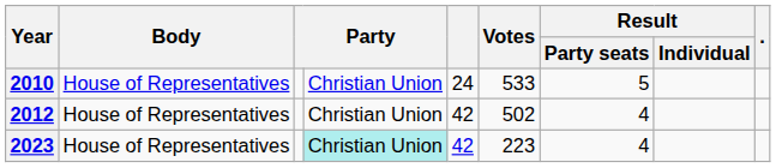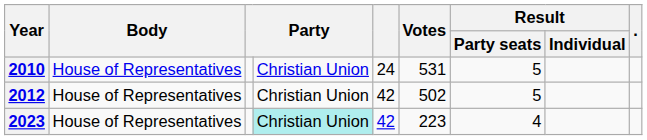 <table class="wikitable plainrowheaders sortable" border=2 cellpadding=4 cellspacing=0 style="border: 1px #aaa solid; font-size: 90%; text-align:center;">
 <tr>
 <th scope="col" rowspan=2>Year</th>
 <th scope="col" rowspan=2>Body</th>
 <th scope="col" colspan=2 rowspan=2>Party</th>
 <th scope="col" rowspan=2></th>
 <th scope="col" rowspan=2>Votes</th>
 <th scope="colgroup" colspan=2>Result</th>
 <th scope="col" rowspan=2 class="unsortable">.</th>
 </tr>
 <tr>
 <th scope="col">Party seats</th>
 <th scope="col">Individual</th>
 </tr>
 <tr>
 <th scope="row"><a href='#'>2010</a></th>
 <td><a href='#'>House of Representatives</a></td>
 <td style="background-color:"></td>
 <td><a href='#'>Christian Union</a></td>
 <td style=text-align:right>24</td>
-<td style=text-align:right>533</td>
+<td style=text-align:right>531</td>
 <td style=text-align:right>5</td>
 <td></td>
 <td></td>
 </tr>
 <tr>
 <th scope="row"><a href='#'>2012</a></th>
 <td>House of Representatives</td>
 <td style="background-color:"></td>
 <td>Christian Union</td>
 <td style=text-align:right>42</td>
 <td style=text-align:right>502</td>
-<td style=text-align:right>4</td>
+<td style=text-align:right>5</td>
 <td></td>
 <td></td>
 </tr>
 <tr>
 <th scope="row"><a href='#'>2023</a></th>
 <td>House of Representatives</td>
 <td style="background-color:"></td>
 <td style="background: paleturquoise;">Christian Union</td>
 <td style=text-align:right><a href='#'>42</a></td>
 <td style=text-align:right>223</td>
 <td style=text-align:right>4</td>
 <td></td>
 <td></td>
 </tr>
 </table>
